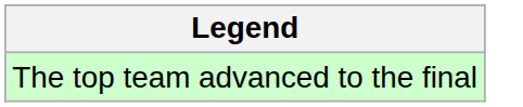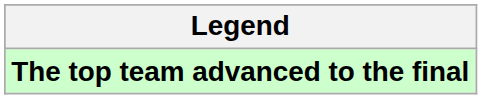 <table class="wikitable">
 <tr>
 <th>Legend</th>
 </tr>
 <tr style="background:#ccffcc;">
-<td>The top team advanced to the final</td>
+<td><strong>The top team advanced to the final</strong></td>
 </tr>
 </table>
